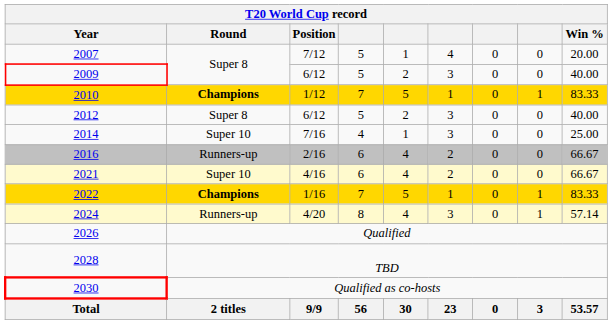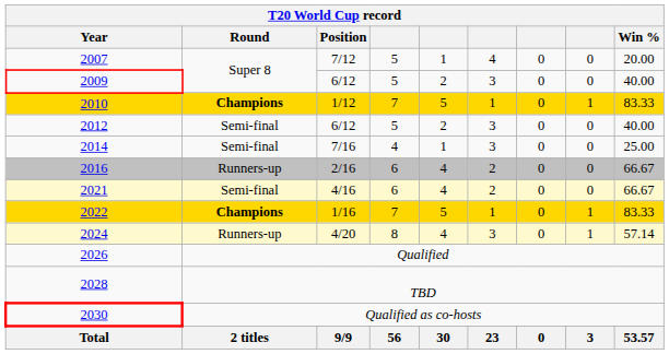 <table class="wikitable" style="text-align:center">
 <tr>
 <th colspan=9><a href='#'>T20 World Cup</a> record</th>
 </tr>
 <tr>
 <th width=200>Year</th>
 <th width=150>Round</th>
 <th width=50>Position</th>
 <th width=50></th>
 <th width=50></th>
 <th width=50></th>
 <th width=50></th>
 <th width=50></th>
 <th width=50>Win %</th>
 </tr>
 <tr>
 <td> <a href='#'>2007</a></td>
 <td rowspan=2>Super 8</td>
 <td>7/12</td>
 <td>5</td>
 <td>1</td>
 <td>4</td>
 <td>0</td>
 <td>0</td>
 <td>20.00</td>
 </tr>
 <tr>
 <td style="border:2px solid red">  <a href='#'>2009</a></td>
 <td>6/12</td>
 <td>5</td>
 <td>2</td>
 <td>3</td>
 <td>0</td>
 <td>0</td>
 <td>40.00</td>
 </tr>
 <tr style="background:Gold">
 <td> <a href='#'>2010</a></td>
 <td><strong>Champions</strong></td>
 <td>1/12</td>
 <td>7</td>
 <td>5</td>
 <td>1</td>
 <td>0</td>
 <td>1</td>
 <td>83.33</td>
 </tr>
 <tr>
 <td> <a href='#'>2012</a></td>
-<td>Super 8</td>
+<td>Semi-final</td>
 <td>6/12</td>
 <td>5</td>
 <td>2</td>
 <td>3</td>
 <td>0</td>
 <td>0</td>
 <td>40.00</td>
 </tr>
 <tr>
 <td> <a href='#'>2014</a></td>
-<td>Super 10</td>
+<td>Semi-final</td>
 <td>7/16</td>
 <td>4</td>
 <td>1</td>
 <td>3</td>
 <td>0</td>
 <td>0</td>
 <td>25.00</td>
 </tr>
 <tr style="background:silver">
 <td> <a href='#'>2016</a></td>
 <td>Runners-up</td>
 <td>2/16</td>
 <td>6</td>
 <td>4</td>
 <td>2</td>
 <td>0</td>
 <td>0</td>
 <td>66.67</td>
 </tr>
 <tr style="background:LemonChiffon">
 <td>  <a href='#'>2021</a></td>
-<td>Super 10</td>
+<td>Semi-final</td>
 <td>4/16</td>
 <td>6</td>
 <td>4</td>
 <td>2</td>
 <td>0</td>
 <td>0</td>
 <td>66.67</td>
 </tr>
 <tr style="background:Gold">
 <td> <a href='#'>2022</a></td>
 <td><strong>Champions</strong></td>
 <td>1/16</td>
 <td>7</td>
 <td>5</td>
 <td>1</td>
 <td>0</td>
 <td>1</td>
 <td>83.33</td>
 </tr>
 <tr style="background:LemonChiffon">
 <td> <a href='#'>2024</a></td>
 <td>Runners-up</td>
 <td>4/20</td>
 <td>8</td>
 <td>4</td>
 <td>3</td>
 <td>0</td>
 <td>1</td>
 <td>57.14</td>
 </tr>
 <tr>
 <td>  <a href='#'>2026</a></td>
 <td colspan="9"><em>Qualified</em></td>
 </tr>
 <tr>
 <td>  <a href='#'>2028</a></td>
 <td colspan="9"><br><em>TBD</em></td>
 </tr>
 <tr>
 <td style="border: 3px solid red">     <a href='#'>2030</a></td>
 <td colspan='9'><em>Qualified as co-hosts</em></td>
 </tr>
 <tr>
 <th>Total</th>
 <th>2 titles</th>
 <th>9/9</th>
 <th>56</th>
 <th>30</th>
 <th>23</th>
 <th>0</th>
 <th>3</th>
 <th>53.57</th>
 </tr>
 </table>
